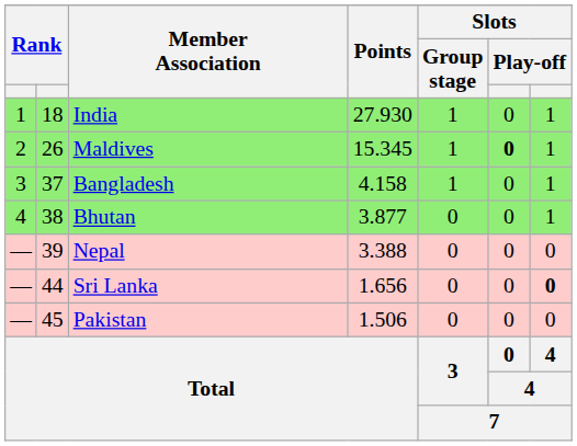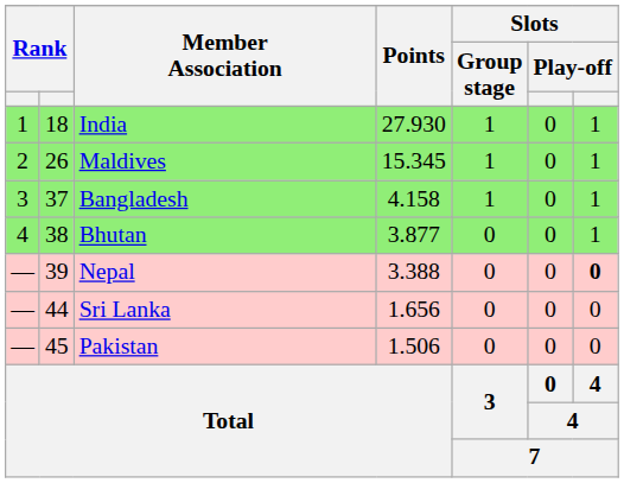 <table class="wikitable" style="text-align:center">
 <tr>
 </tr>
 <tr>
 <th colspan=2 rowspan=2><a href='#'>Rank</a></th>
 <th rowspan=3 width=200>Member<br>Association</th>
 <th rowspan=3>Points</th>
 <th colspan=3>Slots</th>
 </tr>
 <tr>
 <th rowspan=2>Group<br>stage</th>
 <th colspan=2>Play-off</th>
 </tr>
 <tr>
 <th></th>
 <th></th>
 <th></th>
 <th></th>
 </tr>
 <tr bgcolor=#90ee77>
 <td>1</td>
 <td>18</td>
 <td align=left> <a href='#'>India</a></td>
 <td>27.930</td>
 <td>1</td>
 <td>0</td>
 <td>1</td>
 </tr>
 <tr bgcolor=#90ee77>
 <td>2</td>
 <td>26</td>
 <td align=left> <a href='#'>Maldives</a></td>
 <td>15.345</td>
 <td>1</td>
-<td><strong>0</strong></td>
+<td>0</td>
 <td>1</td>
 </tr>
 <tr bgcolor=#90ee77>
 <td>3</td>
 <td>37</td>
 <td align=left> <a href='#'>Bangladesh</a></td>
 <td>4.158</td>
 <td>1</td>
 <td>0</td>
 <td>1</td>
 </tr>
 <tr bgcolor=#90ee77>
 <td>4</td>
 <td>38</td>
 <td align=left> <a href='#'>Bhutan</a></td>
 <td>3.877</td>
 <td>0</td>
 <td>0</td>
 <td>1</td>
 </tr>
 <tr bgcolor=#ffcccc>
 <td>—</td>
 <td>39</td>
 <td align=left> <a href='#'>Nepal</a></td>
 <td>3.388</td>
 <td>0</td>
 <td>0</td>
-<td>0</td>
+<td><strong>0</strong></td>
 </tr>
 <tr bgcolor=#ffcccc>
 <td>—</td>
 <td>44</td>
 <td align=left> <a href='#'>Sri Lanka</a></td>
 <td>1.656</td>
 <td>0</td>
 <td>0</td>
-<td><strong>0</strong></td>
+<td>0</td>
 </tr>
 <tr bgcolor=#ffcccc>
 <td>—</td>
 <td>45</td>
 <td align=left> <a href='#'>Pakistan</a></td>
 <td>1.506</td>
 <td>0</td>
 <td>0</td>
 <td>0</td>
 </tr>
 <tr>
 <th colspan=4 rowspan=3>Total</th>
 <th rowspan=2>3</th>
 <th>0</th>
 <th>4</th>
 </tr>
 <tr>
 <th colspan=2>4</th>
 </tr>
 <tr>
 <th colspan=3>7</th>
 </tr>
 </table>
